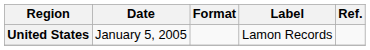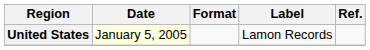 <table class="wikitable plainrowheaders">
 <tr>
 <th scope="col">Region</th>
 <th scope="col">Date</th>
 <th scope="col">Format</th>
 <th scope="col">Label</th>
 <th scope="col">Ref.</th>
 </tr>
 <tr>
 <th scope="row">United States</th>
-<td>January 5, 2005</td>
+<td style="background: lightyellow;">January 5, 2005</td>
 <td></td>
 <td>Lamon Records</td>
 <td></td>
 </tr>
 <tr>
 </tr>
 </table>
